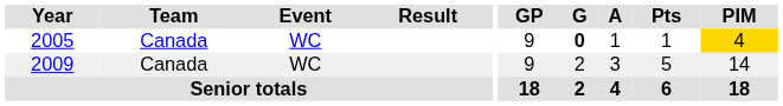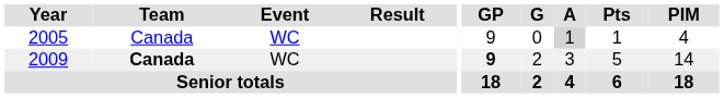 <table border="0" cellpadding="1" cellspacing="0" ID="Table3" style="text-align:center; width:40em">
 <tr bgcolor="#e0e0e0">
 <th>Year</th>
 <th>Team</th>
 <th>Event</th>
 <th>Result</th>
 <th rowspan="99" bgcolor="#ffffff"></th>
 <th>GP</th>
 <th>G</th>
 <th>A</th>
 <th>Pts</th>
 <th>PIM</th>
 </tr>
 <tr>
 <td><a href='#'>2005</a></td>
 <td><a href='#'>Canada</a></td>
 <td><a href='#'>WC</a></td>
 <td></td>
 <td>9</td>
-<td><strong>0</strong></td>
+<td>0</td>
+<td style="background: lightgrey;">1</td>
 <td>1</td>
-<td>1</td>
-<td style="background: gold;">4</td>
+<td>4</td>
 </tr>
 <tr bgcolor="#f0f0f0">
 <td><a href='#'>2009</a></td>
-<td>Canada</td>
+<td><strong>Canada</strong></td>
 <td>WC</td>
 <td></td>
-<td>9</td>
+<td><strong>9</strong></td>
 <td>2</td>
 <td>3</td>
 <td>5</td>
 <td>14</td>
 </tr>
 <tr bgcolor="#e0e0e0">
 <th colspan="4">Senior totals</th>
 <th>18</th>
 <th>2</th>
 <th>4</th>
 <th>6</th>
 <th>18</th>
 </tr>
 </table>
